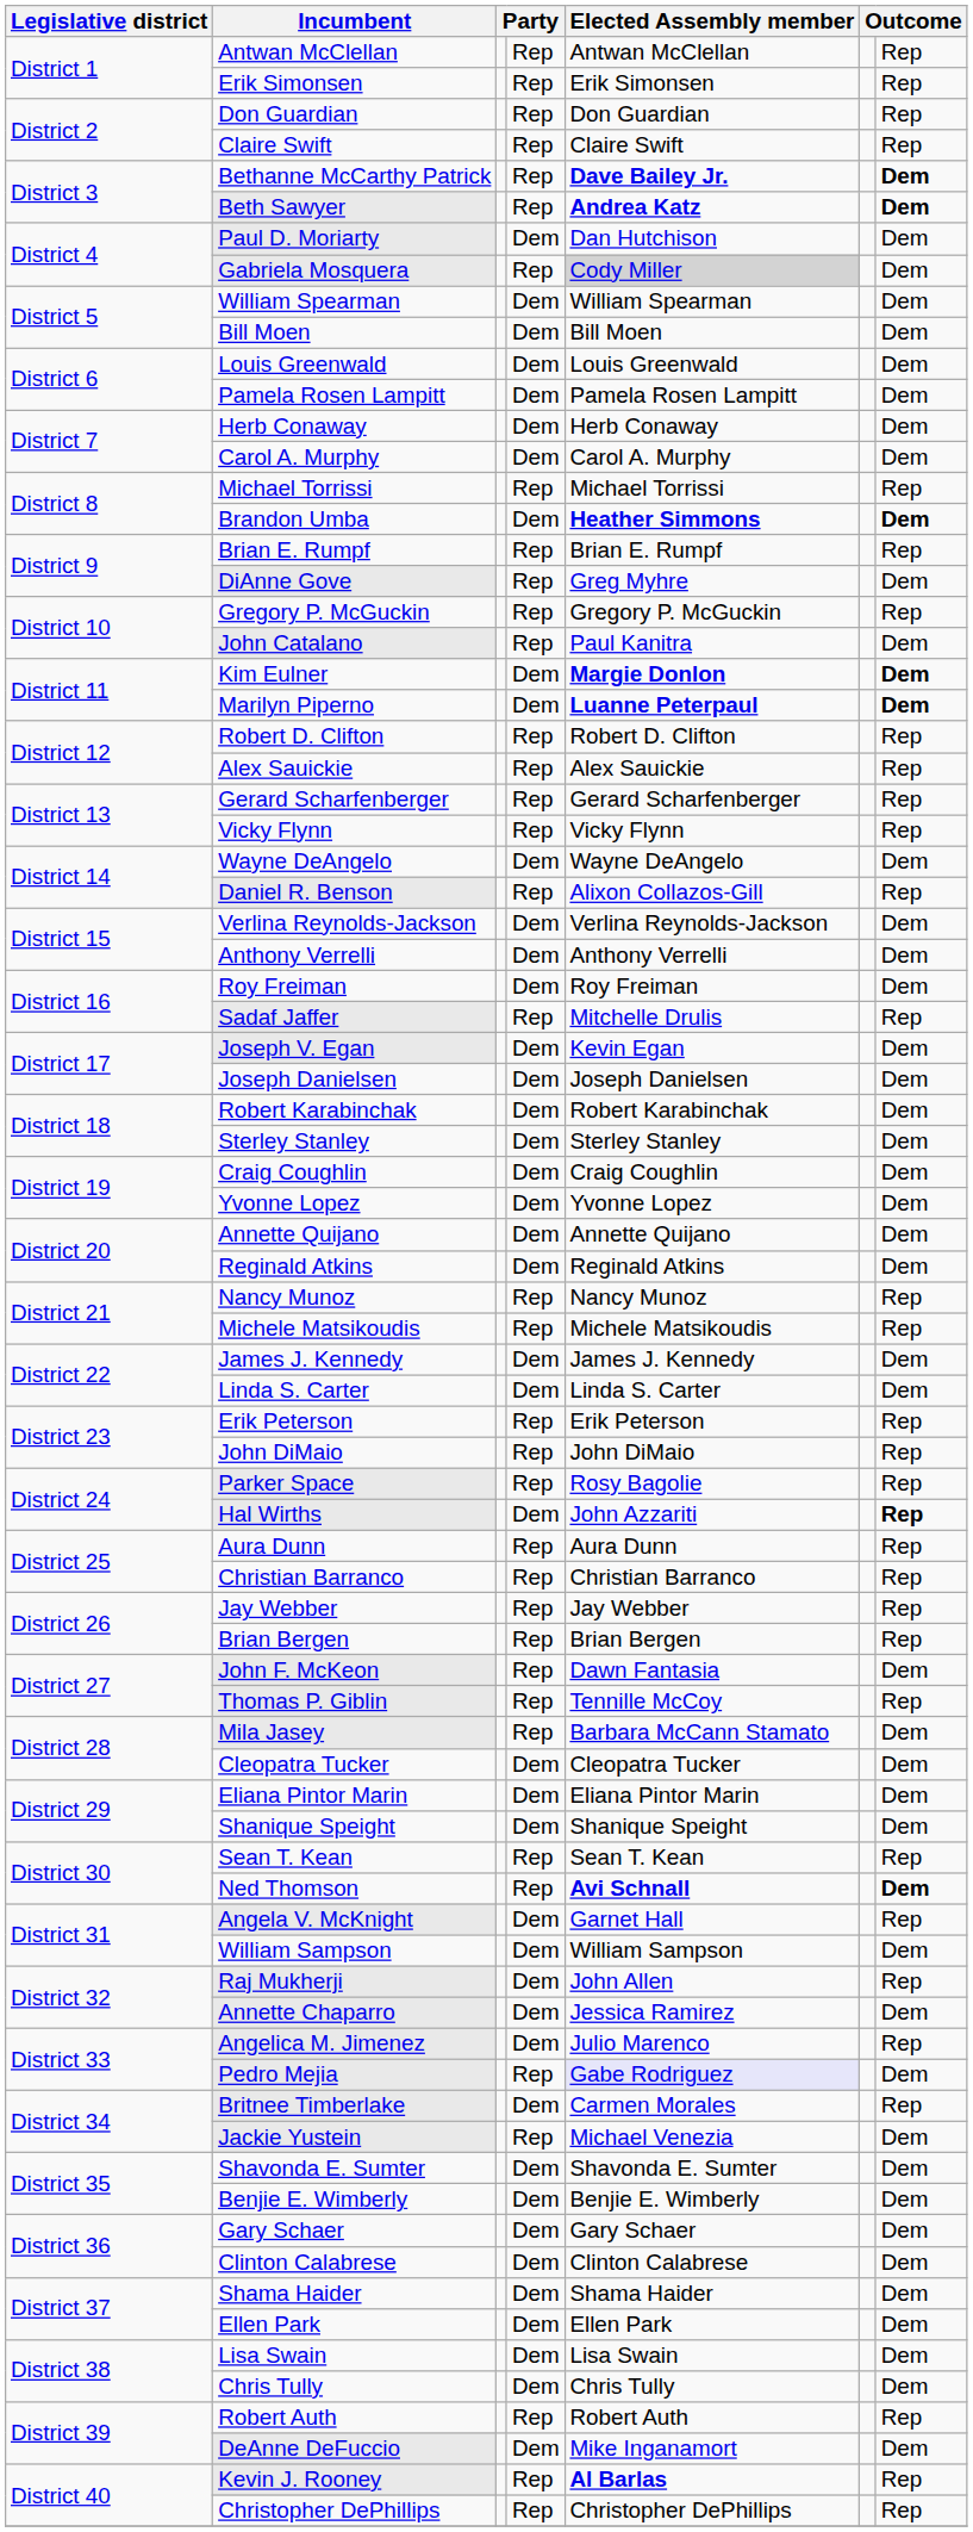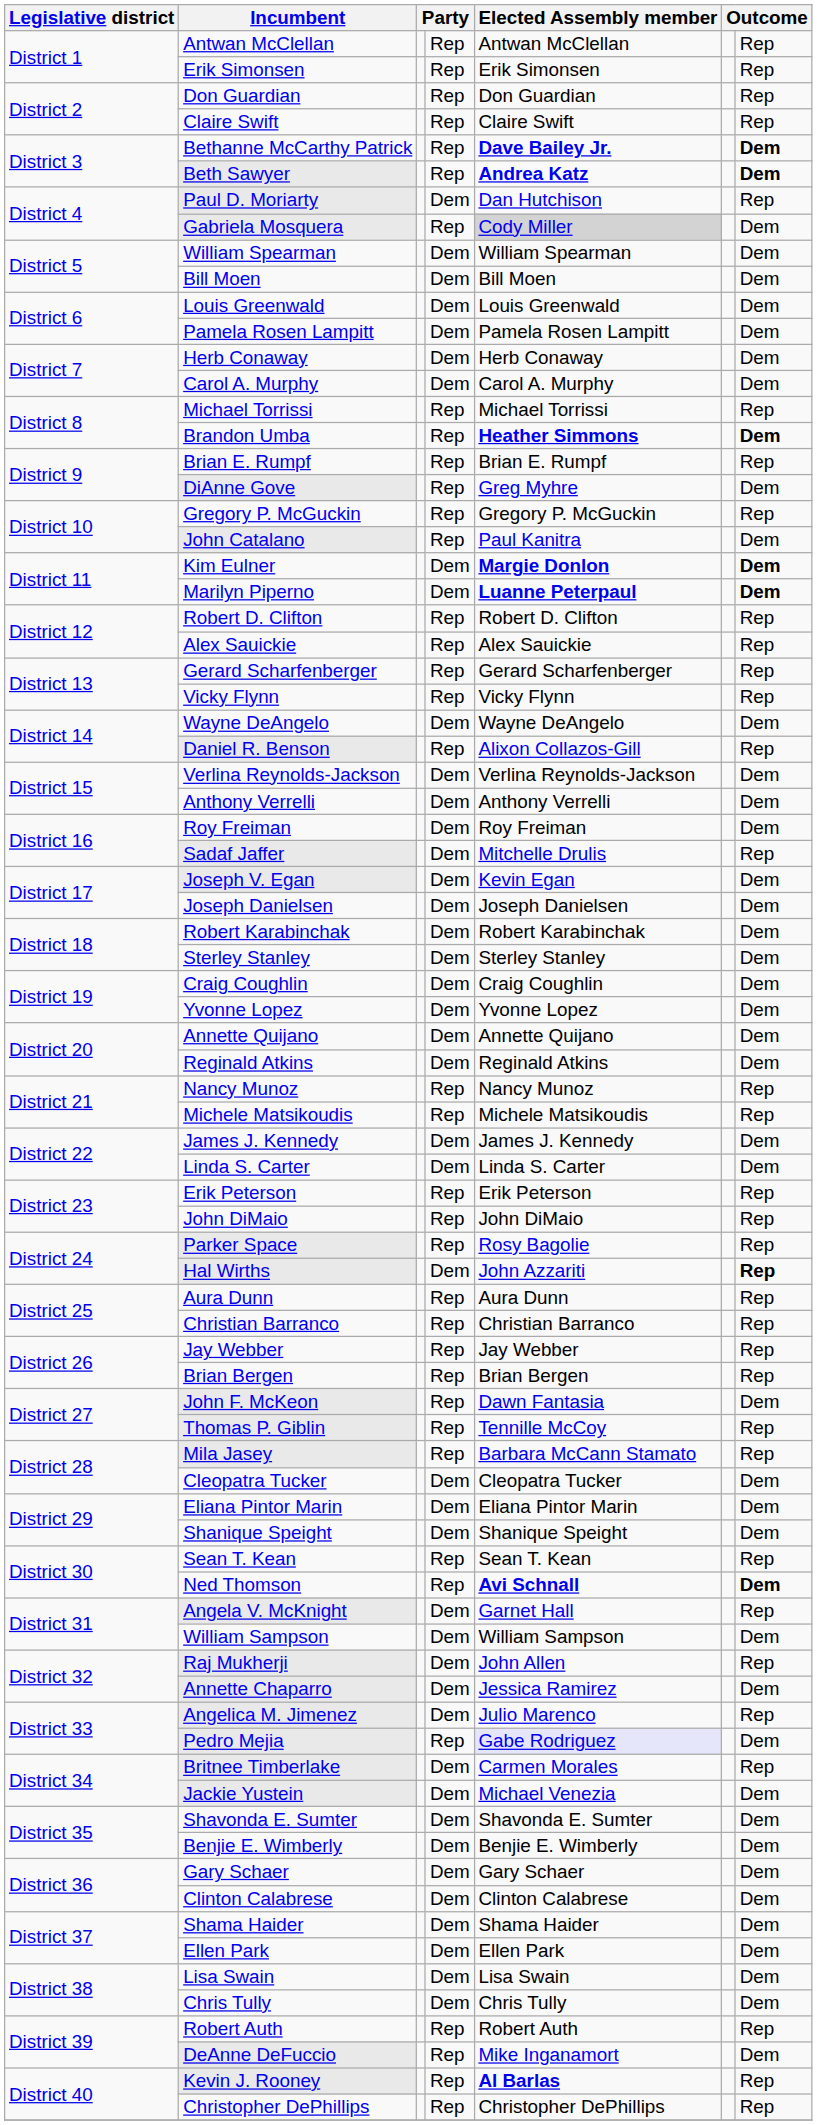 <table class="sortable wikitable" style="font-size:95%;line-height:14px;">
 <tr>
 <th colspan="1" class="sortable"><a href='#'>Legislative</a> district</th>
 <th class="unsortable"><a href='#'>Incumbent</a></th>
 <th colspan="2">Party</th>
 <th class="unsortable">Elected Assembly member</th>
 <th colspan="2">Outcome</th>
 </tr>
 <tr>
 <td rowspan="2"><a href='#'>District 1</a></td>
 <td><a href='#'>Antwan McClellan</a></td>
 <td style="background:"></td>
 <td>Rep</td>
 <td>Antwan McClellan</td>
 <td style="background:"></td>
 <td>Rep</td>
 </tr>
 <tr>
 <td><a href='#'>Erik Simonsen</a></td>
 <td style="background:"></td>
 <td>Rep</td>
 <td>Erik Simonsen</td>
 <td style="background:"></td>
 <td>Rep</td>
 </tr>
 <tr>
 <td rowspan="2"><a href='#'>District 2</a></td>
 <td><a href='#'>Don Guardian</a></td>
 <td style="background:"></td>
 <td>Rep</td>
 <td>Don Guardian</td>
 <td style="background:"></td>
 <td>Rep</td>
 </tr>
 <tr>
 <td><a href='#'>Claire Swift</a></td>
 <td style="background:"></td>
 <td>Rep</td>
 <td>Claire Swift</td>
 <td style="background:"></td>
 <td>Rep</td>
 </tr>
 <tr>
 <td rowspan="2"><a href='#'>District 3</a></td>
 <td><a href='#'>Bethanne McCarthy Patrick</a></td>
 <td style="background:"></td>
 <td>Rep</td>
 <td><strong><a href='#'>Dave Bailey Jr.</a></strong></td>
 <td style="background:"></td>
 <td><strong>Dem</strong></td>
 </tr>
 <tr>
 <td style="background:#E9E9E9;"><a href='#'>Beth Sawyer</a></td>
 <td style="background:"></td>
 <td>Rep</td>
 <td><strong><a href='#'>Andrea Katz</a></strong></td>
 <td style="background:"></td>
 <td><strong>Dem</strong></td>
 </tr>
 <tr>
 <td rowspan="2"><a href='#'>District 4</a></td>
 <td style="background:#E9E9E9;"><a href='#'>Paul D. Moriarty</a></td>
 <td style="background:"></td>
 <td>Dem</td>
 <td><a href='#'>Dan Hutchison</a></td>
 <td style="background:"></td>
-<td>Dem</td>
+<td>Rep</td>
 </tr>
 <tr>
 <td style="background:#E9E9E9;"><a href='#'>Gabriela Mosquera</a></td>
 <td style="background:"></td>
 <td>Rep</td>
 <td style="background: lightgrey;"><a href='#'>Cody Miller</a></td>
 <td style="background:"></td>
 <td>Dem</td>
 </tr>
 <tr>
 <td rowspan="2"><a href='#'>District 5</a></td>
 <td><a href='#'>William Spearman</a></td>
 <td style="background:"></td>
 <td>Dem</td>
 <td>William Spearman</td>
 <td style="background:"></td>
 <td>Dem</td>
 </tr>
 <tr>
 <td><a href='#'>Bill Moen</a></td>
 <td style="background:"></td>
 <td>Dem</td>
 <td>Bill Moen</td>
 <td style="background:"></td>
 <td>Dem</td>
 </tr>
 <tr>
 <td rowspan="2"><a href='#'>District 6</a></td>
 <td><a href='#'>Louis Greenwald</a></td>
 <td style="background:"></td>
 <td>Dem</td>
 <td>Louis Greenwald</td>
 <td style="background:"></td>
 <td>Dem</td>
 </tr>
 <tr>
 <td><a href='#'>Pamela Rosen Lampitt</a></td>
 <td style="background:"></td>
 <td>Dem</td>
 <td>Pamela Rosen Lampitt</td>
 <td style="background:"></td>
 <td>Dem</td>
 </tr>
 <tr>
 <td rowspan="2"><a href='#'>District 7</a></td>
 <td><a href='#'>Herb Conaway</a></td>
 <td style="background:"></td>
 <td>Dem</td>
 <td>Herb Conaway</td>
 <td style="background:"></td>
 <td>Dem</td>
 </tr>
 <tr>
 <td><a href='#'>Carol A. Murphy</a></td>
 <td style="background:"></td>
 <td>Dem</td>
 <td>Carol A. Murphy</td>
 <td style="background:"></td>
 <td>Dem</td>
 </tr>
 <tr>
 <td rowspan="2"><a href='#'>District 8</a></td>
 <td><a href='#'>Michael Torrissi</a></td>
 <td style="background:"></td>
 <td>Rep</td>
 <td>Michael Torrissi</td>
 <td style="background:"></td>
 <td>Rep</td>
 </tr>
 <tr>
 <td><a href='#'>Brandon Umba</a></td>
 <td style="background:"></td>
-<td>Dem</td>
+<td>Rep</td>
 <td><strong><a href='#'>Heather Simmons</a></strong></td>
 <td style="background:"></td>
 <td><strong>Dem</strong></td>
 </tr>
 <tr>
 <td rowspan="2"><a href='#'>District 9</a></td>
 <td><a href='#'>Brian E. Rumpf</a></td>
 <td style="background:"></td>
 <td>Rep</td>
 <td>Brian E. Rumpf</td>
 <td style="background:"></td>
 <td>Rep</td>
 </tr>
 <tr>
 <td style="background:#E9E9E9;"><a href='#'>DiAnne Gove</a></td>
 <td style="background:"></td>
 <td>Rep</td>
 <td><a href='#'>Greg Myhre</a></td>
 <td style="background:"></td>
 <td>Dem</td>
 </tr>
 <tr>
 <td rowspan="2"><a href='#'>District 10</a></td>
 <td><a href='#'>Gregory P. McGuckin</a></td>
 <td style="background:"></td>
 <td>Rep</td>
 <td>Gregory P. McGuckin</td>
 <td style="background:"></td>
 <td>Rep</td>
 </tr>
 <tr>
 <td style="background:#E9E9E9;"><a href='#'>John Catalano</a></td>
 <td style="background:"></td>
 <td>Rep</td>
 <td><a href='#'>Paul Kanitra</a></td>
 <td style="background:"></td>
 <td>Dem</td>
 </tr>
 <tr>
 <td rowspan="2"><a href='#'>District 11</a></td>
 <td><a href='#'>Kim Eulner</a></td>
 <td style="background:"></td>
 <td>Dem</td>
 <td><strong><a href='#'>Margie Donlon</a></strong></td>
 <td style="background:"></td>
 <td><strong>Dem</strong></td>
 </tr>
 <tr>
 <td><a href='#'>Marilyn Piperno</a></td>
 <td style="background:"></td>
 <td>Dem</td>
 <td><strong><a href='#'>Luanne Peterpaul</a></strong></td>
 <td style="background:"></td>
 <td><strong>Dem</strong></td>
 </tr>
 <tr>
 <td rowspan="2"><a href='#'>District 12</a></td>
 <td><a href='#'>Robert D. Clifton</a></td>
 <td style="background:"></td>
 <td>Rep</td>
 <td>Robert D. Clifton</td>
 <td style="background:"></td>
 <td>Rep</td>
 </tr>
 <tr>
 <td><a href='#'>Alex Sauickie</a></td>
 <td style="background:"></td>
 <td>Rep</td>
 <td>Alex Sauickie</td>
 <td style="background:"></td>
 <td>Rep</td>
 </tr>
 <tr>
 <td rowspan="2"><a href='#'>District 13</a></td>
 <td><a href='#'>Gerard Scharfenberger</a></td>
 <td style="background:"></td>
 <td>Rep</td>
 <td>Gerard Scharfenberger</td>
 <td style="background:"></td>
 <td>Rep</td>
 </tr>
 <tr>
 <td><a href='#'>Vicky Flynn</a></td>
 <td style="background:"></td>
 <td>Rep</td>
 <td>Vicky Flynn</td>
 <td style="background:"></td>
 <td>Rep</td>
 </tr>
 <tr>
 <td rowspan="2"><a href='#'>District 14</a></td>
 <td><a href='#'>Wayne DeAngelo</a></td>
 <td style="background:"></td>
 <td>Dem</td>
 <td>Wayne DeAngelo</td>
 <td style="background:"></td>
 <td>Dem</td>
 </tr>
 <tr>
 <td style="background:#E9E9E9;"><a href='#'>Daniel R. Benson</a></td>
 <td style="background:"></td>
 <td>Rep</td>
 <td><a href='#'>Alixon Collazos-Gill</a></td>
 <td style="background:"></td>
 <td>Rep</td>
 </tr>
 <tr>
 <td rowspan="2"><a href='#'>District 15</a></td>
 <td><a href='#'>Verlina Reynolds-Jackson</a></td>
 <td style="background:"></td>
 <td>Dem</td>
 <td>Verlina Reynolds-Jackson</td>
 <td style="background:"></td>
 <td>Dem</td>
 </tr>
 <tr>
 <td><a href='#'>Anthony Verrelli</a></td>
 <td style="background:"></td>
 <td>Dem</td>
 <td>Anthony Verrelli</td>
 <td style="background:"></td>
 <td>Dem</td>
 </tr>
 <tr>
 <td rowspan="2"><a href='#'>District 16</a></td>
 <td><a href='#'>Roy Freiman</a></td>
 <td style="background:"></td>
 <td>Dem</td>
 <td>Roy Freiman</td>
 <td style="background:"></td>
 <td>Dem</td>
 </tr>
 <tr>
 <td style="background:#E9E9E9;"><a href='#'>Sadaf Jaffer</a></td>
 <td style="background:"></td>
-<td>Rep</td>
+<td>Dem</td>
 <td><a href='#'>Mitchelle Drulis</a></td>
 <td style="background:"></td>
 <td>Rep</td>
 </tr>
 <tr>
 <td rowspan="2"><a href='#'>District 17</a></td>
 <td style="background:#E9E9E9;"><a href='#'>Joseph V. Egan</a></td>
 <td style="background:"></td>
 <td>Dem</td>
 <td><a href='#'>Kevin Egan</a></td>
 <td style="background:"></td>
 <td>Dem</td>
 </tr>
 <tr>
 <td><a href='#'>Joseph Danielsen</a></td>
 <td style="background:"></td>
 <td>Dem</td>
 <td>Joseph Danielsen</td>
 <td style="background:"></td>
 <td>Dem</td>
 </tr>
 <tr>
 <td rowspan="2"><a href='#'>District 18</a></td>
 <td><a href='#'>Robert Karabinchak</a></td>
 <td style="background:"></td>
 <td>Dem</td>
 <td>Robert Karabinchak</td>
 <td style="background:"></td>
 <td>Dem</td>
 </tr>
 <tr>
 <td><a href='#'>Sterley Stanley</a></td>
 <td style="background:"></td>
 <td>Dem</td>
 <td>Sterley Stanley</td>
 <td style="background:"></td>
 <td>Dem</td>
 </tr>
 <tr>
 <td rowspan="2"><a href='#'>District 19</a></td>
 <td><a href='#'>Craig Coughlin</a></td>
 <td style="background:"></td>
 <td>Dem</td>
 <td>Craig Coughlin</td>
 <td style="background:"></td>
 <td>Dem</td>
 </tr>
 <tr>
 <td><a href='#'>Yvonne Lopez</a></td>
 <td style="background:"></td>
 <td>Dem</td>
 <td>Yvonne Lopez</td>
 <td style="background:"></td>
 <td>Dem</td>
 </tr>
 <tr>
 <td rowspan="2"><a href='#'>District 20</a></td>
 <td><a href='#'>Annette Quijano</a></td>
 <td style="background:"></td>
 <td>Dem</td>
 <td>Annette Quijano</td>
 <td style="background:"></td>
 <td>Dem</td>
 </tr>
 <tr>
 <td><a href='#'>Reginald Atkins</a></td>
 <td style="background:"></td>
 <td>Dem</td>
 <td>Reginald Atkins</td>
 <td style="background:"></td>
 <td>Dem</td>
 </tr>
 <tr>
 <td rowspan="2"><a href='#'>District 21</a></td>
 <td><a href='#'>Nancy Munoz</a></td>
 <td style="background:"></td>
 <td>Rep</td>
 <td>Nancy Munoz</td>
 <td style="background:"></td>
 <td>Rep</td>
 </tr>
 <tr>
 <td><a href='#'>Michele Matsikoudis</a></td>
 <td style="background:"></td>
 <td>Rep</td>
 <td>Michele Matsikoudis</td>
 <td style="background:"></td>
 <td>Rep</td>
 </tr>
 <tr>
 <td rowspan="2"><a href='#'>District 22</a></td>
 <td><a href='#'>James J. Kennedy</a></td>
 <td style="background:"></td>
 <td>Dem</td>
 <td>James J. Kennedy</td>
 <td style="background:"></td>
 <td>Dem</td>
 </tr>
 <tr>
 <td><a href='#'>Linda S. Carter</a></td>
 <td style="background:"></td>
 <td>Dem</td>
 <td>Linda S. Carter</td>
 <td style="background:"></td>
 <td>Dem</td>
 </tr>
 <tr>
 <td rowspan="2"><a href='#'>District 23</a></td>
 <td><a href='#'>Erik Peterson</a></td>
 <td style="background:"></td>
 <td>Rep</td>
 <td>Erik Peterson</td>
 <td style="background:"></td>
 <td>Rep</td>
 </tr>
 <tr>
 <td><a href='#'>John DiMaio</a></td>
 <td style="background:"></td>
 <td>Rep</td>
 <td>John DiMaio</td>
 <td style="background:"></td>
 <td>Rep</td>
 </tr>
 <tr>
 <td rowspan="2"><a href='#'>District 24</a></td>
 <td style="background:#E9E9E9;"><a href='#'>Parker Space</a></td>
 <td style="background:"></td>
 <td>Rep</td>
 <td><a href='#'>Rosy Bagolie</a></td>
 <td style="background:"></td>
 <td>Rep</td>
 </tr>
 <tr>
 <td style="background:#E9E9E9;"><a href='#'>Hal Wirths</a></td>
 <td style="background:"></td>
 <td>Dem</td>
 <td><a href='#'>John Azzariti</a></td>
 <td style="background:"></td>
 <td><strong>Rep</strong></td>
 </tr>
 <tr>
 <td rowspan="2"><a href='#'>District 25</a></td>
 <td><a href='#'>Aura Dunn</a></td>
 <td style="background:"></td>
 <td>Rep</td>
 <td>Aura Dunn</td>
 <td style="background:"></td>
 <td>Rep</td>
 </tr>
 <tr>
 <td><a href='#'>Christian Barranco</a></td>
 <td style="background:"></td>
 <td>Rep</td>
 <td>Christian Barranco</td>
 <td style="background:"></td>
 <td>Rep</td>
 </tr>
 <tr>
 <td rowspan="2"><a href='#'>District 26</a></td>
 <td><a href='#'>Jay Webber</a></td>
 <td style="background:"></td>
 <td>Rep</td>
 <td>Jay Webber</td>
 <td style="background:"></td>
 <td>Rep</td>
 </tr>
 <tr>
 <td><a href='#'>Brian Bergen</a></td>
 <td style="background:"></td>
 <td>Rep</td>
 <td>Brian Bergen</td>
 <td style="background:"></td>
 <td>Rep</td>
 </tr>
 <tr>
 <td rowspan="2"><a href='#'>District 27</a></td>
 <td style="background:#E9E9E9;"><a href='#'>John F. McKeon</a></td>
 <td style="background:"></td>
 <td>Rep</td>
 <td><a href='#'>Dawn Fantasia</a></td>
 <td style="background:"></td>
 <td>Dem</td>
 </tr>
 <tr>
 <td style="background:#E9E9E9;"><a href='#'>Thomas P. Giblin</a></td>
 <td style="background:"></td>
 <td>Rep</td>
 <td><a href='#'>Tennille McCoy</a></td>
 <td style="background:"></td>
 <td>Rep</td>
 </tr>
 <tr>
 <td rowspan="2"><a href='#'>District 28</a></td>
 <td style="background:#E9E9E9;"><a href='#'>Mila Jasey</a></td>
 <td style="background:"></td>
 <td>Rep</td>
 <td><a href='#'>Barbara McCann Stamato</a></td>
 <td style="background:"></td>
-<td>Dem</td>
+<td>Rep</td>
 </tr>
 <tr>
 <td><a href='#'>Cleopatra Tucker</a></td>
 <td style="background:"></td>
 <td>Dem</td>
 <td>Cleopatra Tucker</td>
 <td style="background:"></td>
 <td>Dem</td>
 </tr>
 <tr>
 <td rowspan="2"><a href='#'>District 29</a></td>
 <td><a href='#'>Eliana Pintor Marin</a></td>
 <td style="background:"></td>
 <td>Dem</td>
 <td>Eliana Pintor Marin</td>
 <td style="background:"></td>
 <td>Dem</td>
 </tr>
 <tr>
 <td><a href='#'>Shanique Speight</a></td>
 <td style="background:"></td>
 <td>Dem</td>
 <td>Shanique Speight</td>
 <td style="background:"></td>
 <td>Dem</td>
 </tr>
 <tr>
 <td rowspan="2"><a href='#'>District 30</a></td>
 <td><a href='#'>Sean T. Kean</a></td>
 <td style="background:"></td>
 <td>Rep</td>
 <td>Sean T. Kean</td>
 <td style="background:"></td>
 <td>Rep</td>
 </tr>
 <tr>
 <td><a href='#'>Ned Thomson</a></td>
 <td style="background:"></td>
 <td>Rep</td>
 <td><strong><a href='#'>Avi Schnall</a></strong></td>
 <td style="background:"></td>
 <td><strong>Dem</strong></td>
 </tr>
 <tr>
 <td rowspan="2"><a href='#'>District 31</a></td>
 <td style="background:#E9E9E9;"><a href='#'>Angela V. McKnight</a></td>
 <td style="background:"></td>
 <td>Dem</td>
 <td><a href='#'>Garnet Hall</a></td>
 <td style="background:"></td>
 <td>Rep</td>
 </tr>
 <tr>
 <td><a href='#'>William Sampson</a></td>
 <td style="background:"></td>
 <td>Dem</td>
 <td>William Sampson</td>
 <td style="background:"></td>
 <td>Dem</td>
 </tr>
 <tr>
 <td rowspan="2"><a href='#'>District 32</a></td>
 <td style="background:#E9E9E9;"><a href='#'>Raj Mukherji</a></td>
 <td style="background:"></td>
 <td>Dem</td>
 <td><a href='#'>John Allen</a></td>
 <td style="background:"></td>
 <td>Rep</td>
 </tr>
 <tr>
 <td style="background:#E9E9E9;"><a href='#'>Annette Chaparro</a></td>
 <td style="background:"></td>
 <td>Dem</td>
 <td><a href='#'>Jessica Ramirez</a></td>
 <td style="background:"></td>
 <td>Dem</td>
 </tr>
 <tr>
 <td rowspan="2"><a href='#'>District 33</a></td>
 <td style="background:#E9E9E9;"><a href='#'>Angelica M. Jimenez</a></td>
 <td style="background:"></td>
 <td>Dem</td>
 <td><a href='#'>Julio Marenco</a></td>
 <td style="background:"></td>
 <td>Rep</td>
 </tr>
 <tr>
 <td style="background:#E9E9E9;"><a href='#'>Pedro Mejia</a></td>
 <td style="background:"></td>
 <td>Rep</td>
 <td style="background: lavender;"><a href='#'>Gabe Rodriguez</a></td>
 <td style="background:"></td>
 <td>Dem</td>
 </tr>
 <tr>
 <td rowspan="2"><a href='#'>District 34</a></td>
 <td style="background:#E9E9E9;"><a href='#'>Britnee Timberlake</a></td>
 <td style="background:"></td>
 <td>Dem</td>
 <td><a href='#'>Carmen Morales</a></td>
 <td style="background:"></td>
 <td>Rep</td>
 </tr>
 <tr>
 <td style="background:#E9E9E9;"><a href='#'>Jackie Yustein</a></td>
 <td style="background:"></td>
-<td>Rep</td>
+<td>Dem</td>
 <td><a href='#'>Michael Venezia</a></td>
 <td style="background:"></td>
 <td>Dem</td>
 </tr>
 <tr>
 <td rowspan="2"><a href='#'>District 35</a></td>
 <td><a href='#'>Shavonda E. Sumter</a></td>
 <td style="background:"></td>
 <td>Dem</td>
 <td>Shavonda E. Sumter</td>
 <td style="background:"></td>
 <td>Dem</td>
 </tr>
 <tr>
 <td><a href='#'>Benjie E. Wimberly</a></td>
 <td style="background:"></td>
 <td>Dem</td>
 <td>Benjie E. Wimberly</td>
 <td style="background:"></td>
 <td>Dem</td>
 </tr>
 <tr>
 <td rowspan="2"><a href='#'>District 36</a></td>
 <td><a href='#'>Gary Schaer</a></td>
 <td style="background:"></td>
 <td>Dem</td>
 <td>Gary Schaer</td>
 <td style="background:"></td>
 <td>Dem</td>
 </tr>
 <tr>
 <td><a href='#'>Clinton Calabrese</a></td>
 <td style="background:"></td>
 <td>Dem</td>
 <td>Clinton Calabrese</td>
 <td style="background:"></td>
 <td>Dem</td>
 </tr>
 <tr>
 <td rowspan="2"><a href='#'>District 37</a></td>
 <td><a href='#'>Shama Haider</a></td>
 <td style="background:"></td>
 <td>Dem</td>
 <td>Shama Haider</td>
 <td style="background:"></td>
 <td>Dem</td>
 </tr>
 <tr>
 <td><a href='#'>Ellen Park</a></td>
 <td style="background:"></td>
 <td>Dem</td>
 <td>Ellen Park</td>
 <td style="background:"></td>
 <td>Dem</td>
 </tr>
 <tr>
 <td rowspan="2"><a href='#'>District 38</a></td>
 <td><a href='#'>Lisa Swain</a></td>
 <td style="background:"></td>
 <td>Dem</td>
 <td>Lisa Swain</td>
 <td style="background:"></td>
 <td>Dem</td>
 </tr>
 <tr>
 <td><a href='#'>Chris Tully</a></td>
 <td style="background:"></td>
 <td>Dem</td>
 <td>Chris Tully</td>
 <td style="background:"></td>
 <td>Dem</td>
 </tr>
 <tr>
 <td rowspan="2"><a href='#'>District 39</a></td>
 <td><a href='#'>Robert Auth</a></td>
 <td style="background:"></td>
 <td>Rep</td>
 <td>Robert Auth</td>
 <td style="background:"></td>
 <td>Rep</td>
 </tr>
 <tr>
 <td style="background:#E9E9E9;"><a href='#'>DeAnne DeFuccio</a></td>
 <td style="background:"></td>
-<td>Dem</td>
+<td>Rep</td>
 <td><a href='#'>Mike Inganamort</a></td>
 <td style="background:"></td>
 <td>Dem</td>
 </tr>
 <tr>
 <td rowspan="2"><a href='#'>District 40</a></td>
 <td style="background:#E9E9E9;"><a href='#'>Kevin J. Rooney</a></td>
 <td style="background:"></td>
 <td>Rep</td>
 <td><strong><a href='#'>Al Barlas</a></strong></td>
 <td style="background:"></td>
 <td>Rep</td>
 </tr>
 <tr>
 <td><a href='#'>Christopher DePhillips</a></td>
 <td style="background:"></td>
 <td>Rep</td>
 <td>Christopher DePhillips</td>
 <td style="background:"></td>
 <td>Rep</td>
 </tr>
 <tr>
 </tr>
 </table>
